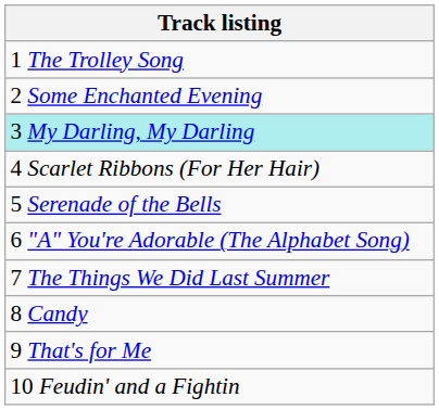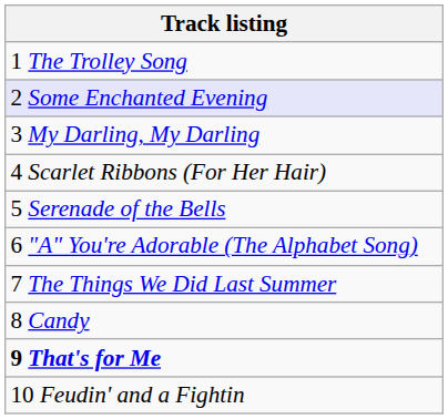 <table class="wikitable collapsible collapsed" style="width:300px;">
 <tr>
 <th>Track listing</th>
 </tr>
 <tr>
 <td>1 <em><a href='#'>The Trolley Song</a></em></td>
 </tr>
 <tr>
-<td>2 <em><a href='#'>Some Enchanted Evening</a></em></td>
+<td style="background: lavender;">2 <em><a href='#'>Some Enchanted Evening</a></em></td>
 </tr>
 <tr>
-<td style="background: paleturquoise;">3 <em><a href='#'>My Darling, My Darling</a></em></td>
+<td>3 <em><a href='#'>My Darling, My Darling</a></em></td>
 </tr>
 <tr>
 <td>4 <em>Scarlet Ribbons (For Her Hair)</em></td>
 </tr>
 <tr>
 <td>5 <em><a href='#'>Serenade of the Bells</a></em></td>
 </tr>
 <tr>
 <td>6 <em><a href='#'>"A" You're Adorable (The Alphabet Song)</a></em></td>
 </tr>
 <tr>
 <td>7 <em><a href='#'>The Things We Did Last Summer</a></em></td>
 </tr>
 <tr>
 <td>8 <em><a href='#'>Candy</a></em></td>
 </tr>
 <tr>
-<td>9 <em><a href='#'>That's for Me</a></em></td>
+<td><strong>9 <em><a href='#'>That's for Me</a></em></strong></td>
 </tr>
 <tr>
 <td>10 <em>Feudin' and a Fightin<strong></td>
 </tr>
 </table>
